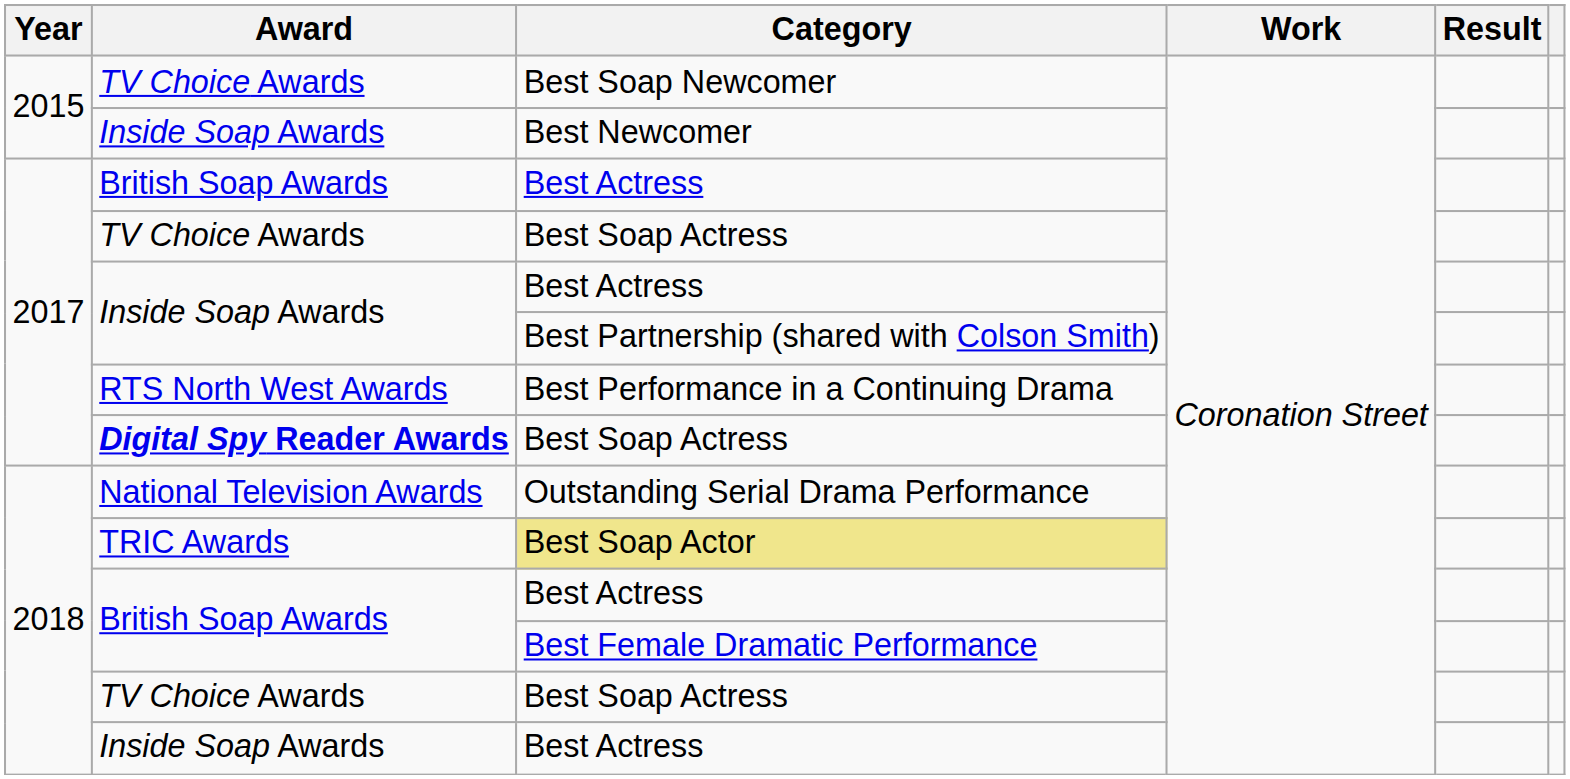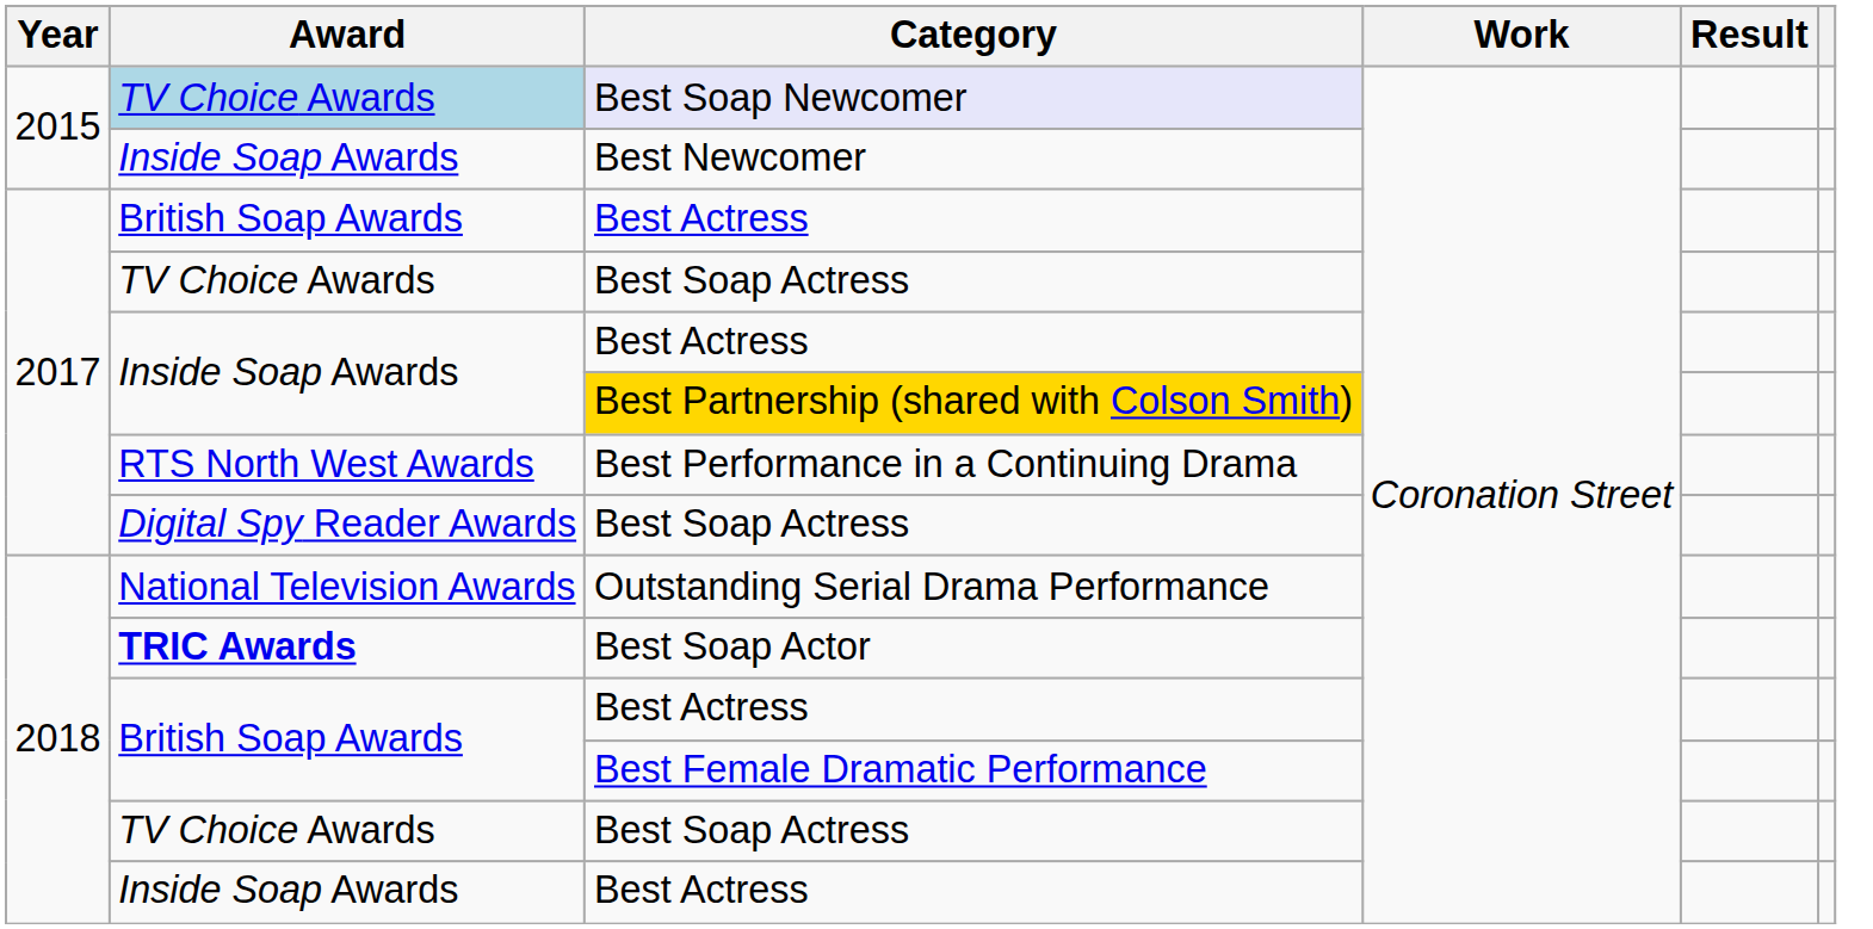 <table class="wikitable plainrowheaders sortable">
 <tr>
 <th>Year</th>
 <th>Award</th>
 <th>Category</th>
 <th>Work</th>
 <th>Result</th>
 <th class="unsortable"></th>
 </tr>
 <tr>
 <td rowspan=2>2015</td>
-<td><a href='#'><em>TV Choice</em> Awards</a></td>
-<td>Best Soap Newcomer</td>
+<td style="background: lightblue;"><a href='#'><em>TV Choice</em> Awards</a></td>
+<td style="background: lavender;">Best Soap Newcomer</td>
 <td rowspan="14"><em>Coronation Street</em></td>
 <td></td>
 <td style="text-align:center;"></td>
 </tr>
 <tr>
 <td><a href='#'><em>Inside Soap</em> Awards</a></td>
 <td>Best Newcomer</td>
 <td></td>
 <td style="text-align:center;"></td>
 </tr>
 <tr>
 <td rowspan=6>2017</td>
 <td><a href='#'>British Soap Awards</a></td>
 <td><a href='#'>Best Actress</a></td>
 <td></td>
 <td style="text-align:center;"></td>
 </tr>
 <tr>
 <td><em>TV Choice</em> Awards</td>
 <td>Best Soap Actress</td>
 <td></td>
 <td style="text-align:center;"></td>
 </tr>
 <tr>
 <td rowspan=2><em>Inside Soap</em> Awards</td>
 <td>Best Actress</td>
 <td></td>
 <td style="text-align:center;"></td>
 </tr>
 <tr>
-<td>Best Partnership (shared with <a href='#'>Colson Smith</a>)</td>
+<td style="background: gold;">Best Partnership (shared with <a href='#'>Colson Smith</a>)</td>
 <td></td>
 <td style="text-align:center;"></td>
 </tr>
 <tr>
 <td><a href='#'>RTS North West Awards</a></td>
 <td>Best Performance in a Continuing Drama</td>
 <td></td>
 <td style="text-align:center;"></td>
 </tr>
 <tr>
-<td><strong><a href='#'><em>Digital Spy</em> Reader Awards</a></strong></td>
+<td><a href='#'><em>Digital Spy</em> Reader Awards</a></td>
 <td>Best Soap Actress</td>
 <td></td>
 <td style="text-align:center;"></td>
 </tr>
 <tr>
 <td rowspan=6>2018</td>
 <td><a href='#'>National Television Awards</a></td>
 <td>Outstanding Serial Drama Performance</td>
 <td></td>
 <td style="text-align:center;"></td>
 </tr>
 <tr>
-<td><a href='#'>TRIC Awards</a></td>
-<td style="background: khaki;">Best Soap Actor</td>
+<td><strong><a href='#'>TRIC Awards</a></strong></td>
+<td>Best Soap Actor</td>
 <td></td>
 <td style="text-align:center;"></td>
 </tr>
 <tr>
 <td rowspan=2><a href='#'>British Soap Awards</a></td>
 <td>Best Actress</td>
 <td></td>
 <td style="text-align:center;"></td>
 </tr>
 <tr>
 <td><a href='#'>Best Female Dramatic Performance</a></td>
 <td></td>
 <td style="text-align:center;"></td>
 </tr>
 <tr>
 <td><em>TV Choice</em> Awards</td>
 <td>Best Soap Actress</td>
 <td></td>
 <td style="text-align:center;"></td>
 </tr>
 <tr>
 <td><em>Inside Soap</em> Awards</td>
 <td>Best Actress</td>
 <td></td>
 <td style="text-align:center;"></td>
 </tr>
 </table>
